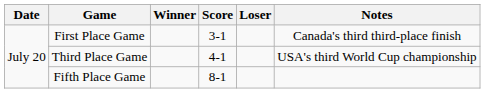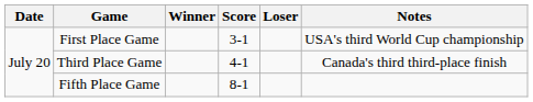 <table class="wikitable">
 <tr>
 <th>Date</th>
 <th>Game</th>
 <th>Winner</th>
 <th>Score</th>
 <th>Loser</th>
 <th>Notes</th>
 </tr>
 <tr align=center>
 <td rowspan=3>July 20</td>
 <td>First Place Game</td>
 <td></td>
 <td>3-1</td>
 <td></td>
-<td>Canada's third third-place finish</td>
+<td>USA's third World Cup championship</td>
 </tr>
 <tr align=center>
 <td>Third Place Game</td>
 <td></td>
 <td>4-1</td>
 <td></td>
-<td>USA's third World Cup championship</td>
+<td>Canada's third third-place finish</td>
 </tr>
 <tr align=center>
 <td>Fifth Place Game</td>
 <td></td>
 <td>8-1</td>
 <td></td>
 <td></td>
 </tr>
 </table>
